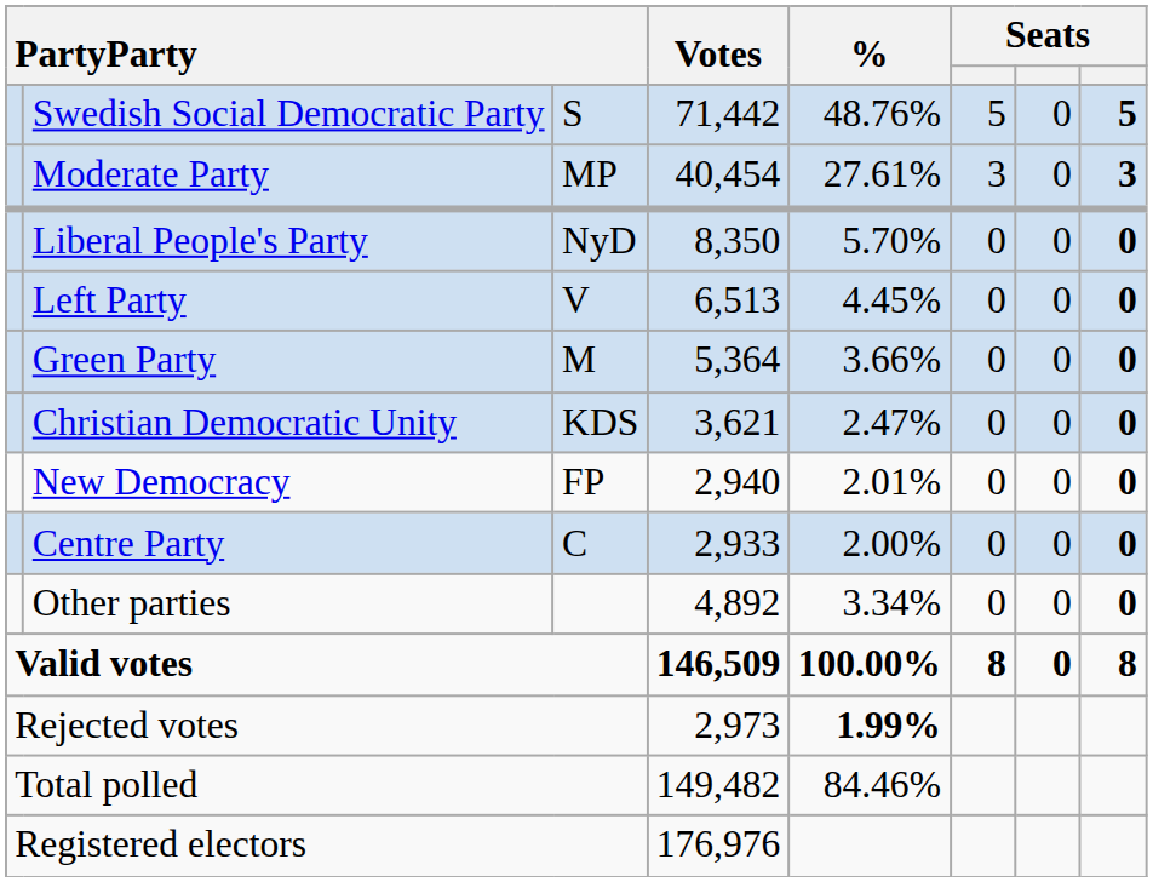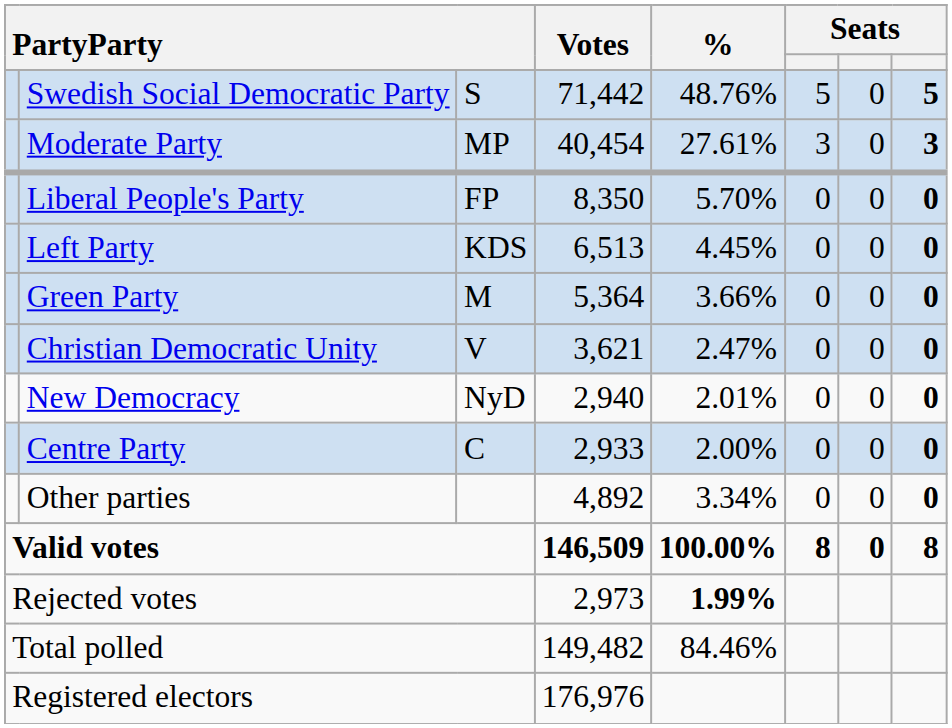 <table class="wikitable" border="1" style="text-align:right;">
 <tr>
 <th style="text-align:left;" valign=bottom rowspan=2 colspan=3>PartyParty</th>
 <th align=center valign=bottom rowspan=2 width="50">Votes</th>
 <th align=center valign=bottom rowspan=2 width="50">%</th>
 <th colspan=3>Seats</th>
 </tr>
 <tr>
 <th align=center valign=bottom width="20"><small></small></th>
 <th align=center valign=bottom width="20"><small><a href='#'></a></small></th>
 <th align=center valign=bottom width="20"><small></small></th>
 </tr>
 <tr style="background:#CEE0F2;">
 <td></td>
 <td align=left style="white-space: nowrap;"><a href='#'>Swedish Social Democratic Party</a></td>
 <td align=left>S</td>
 <td>71,442</td>
 <td>48.76%</td>
 <td>5</td>
 <td>0</td>
 <td><strong>5</strong></td>
 </tr>
 <tr style="background:#CEE0F2;">
 <td></td>
 <td align=left><a href='#'>Moderate Party</a></td>
 <td align=left>MP</td>
 <td>40,454</td>
 <td>27.61%</td>
 <td>3</td>
 <td>0</td>
 <td><strong>3</strong></td>
 </tr>
 <tr style="background:#CEE0F2; border-top:3px solid darkgray;">
 <td></td>
 <td align=left><a href='#'>Liberal People's Party</a></td>
-<td align=left>NyD</td>
+<td align=left>FP</td>
 <td>8,350</td>
 <td>5.70%</td>
 <td>0</td>
 <td>0</td>
 <td><strong>0</strong></td>
 </tr>
 <tr style="background:#CEE0F2;">
 <td></td>
 <td align=left><a href='#'>Left Party</a></td>
-<td align=left>V</td>
+<td align=left>KDS</td>
 <td>6,513</td>
 <td>4.45%</td>
 <td>0</td>
 <td>0</td>
 <td><strong>0</strong></td>
 </tr>
 <tr style="background:#CEE0F2;">
 <td></td>
 <td align=left><a href='#'>Green Party</a></td>
 <td align=left>M</td>
 <td>5,364</td>
 <td>3.66%</td>
 <td>0</td>
 <td>0</td>
 <td><strong>0</strong></td>
 </tr>
 <tr style="background:#CEE0F2;">
 <td></td>
 <td align=left><a href='#'>Christian Democratic Unity</a></td>
-<td align=left>KDS</td>
+<td align=left>V</td>
 <td>3,621</td>
 <td>2.47%</td>
 <td>0</td>
 <td>0</td>
 <td><strong>0</strong></td>
 </tr>
 <tr>
 <td></td>
 <td align=left><a href='#'>New Democracy</a></td>
-<td align=left>FP</td>
+<td align=left>NyD</td>
 <td>2,940</td>
 <td>2.01%</td>
 <td>0</td>
 <td>0</td>
 <td><strong>0</strong></td>
 </tr>
 <tr style="background:#CEE0F2;">
 <td></td>
 <td align=left><a href='#'>Centre Party</a></td>
 <td align=left>C</td>
 <td>2,933</td>
 <td>2.00%</td>
 <td>0</td>
 <td>0</td>
 <td><strong>0</strong></td>
 </tr>
 <tr>
 <td></td>
 <td align=left>Other parties</td>
 <td></td>
 <td>4,892</td>
 <td>3.34%</td>
 <td>0</td>
 <td>0</td>
 <td><strong>0</strong></td>
 </tr>
 <tr style="font-weight:bold">
 <td align=left colspan=3>Valid votes</td>
 <td>146,509</td>
 <td>100.00%</td>
 <td>8</td>
 <td>0</td>
 <td>8</td>
 </tr>
 <tr>
 <td align=left colspan=3>Rejected votes</td>
 <td>2,973</td>
 <td><strong>1.99%</strong></td>
 <td></td>
 <td></td>
 <td></td>
 </tr>
 <tr>
 <td align=left colspan=3>Total polled</td>
 <td>149,482</td>
 <td>84.46%</td>
 <td></td>
 <td></td>
 <td></td>
 </tr>
 <tr>
 <td align=left colspan=3>Registered electors</td>
 <td>176,976</td>
 <td></td>
 <td></td>
 <td></td>
 <td></td>
 </tr>
 </table>
